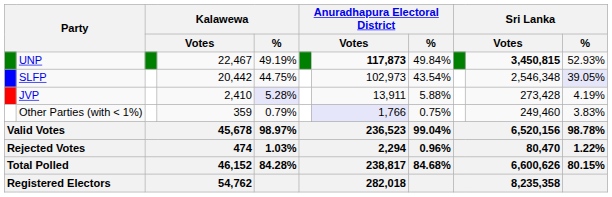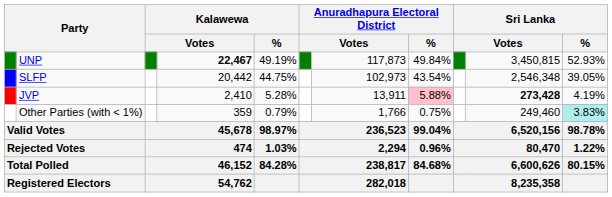 <table class="wikitable">
 <tr>
 <th colspan="2" width="144px"rowspan="2">Party</th>
 <th colspan="3" width="216px">Kalawewa</th>
 <th colspan="3" width="216px"><a href='#'>Anuradhapura Electoral District</a></th>
 <th colspan="3" width="216px">Sri Lanka</th>
 </tr>
 <tr>
 <th colspan="2" width="144px">Votes</th>
 <th>%</th>
 <th colspan="2" width="144px">Votes</th>
 <th>%</th>
 <th colspan="2" width="144px">Votes</th>
 <th>%</th>
 </tr>
 <tr>
 <td style="background-color:green;" width="10px"></td>
 <td style="text-align:left;"><a href='#'>UNP</a></td>
 <td style="background-color:green;" width="10px"></td>
-<td style="text-align:right;">22,467</td>
+<td style="text-align:right;"><strong>22,467</strong></td>
 <td style="text-align:right;">49.19%</td>
 <td style="background-color:green;" width="10px"></td>
-<td style="text-align:right;"><strong>117,873</strong></td>
+<td style="text-align:right;">117,873</td>
 <td style="text-align:right;">49.84%</td>
 <td style="background-color:green;" width="10px"></td>
-<td style="text-align:right;"><strong>3,450,815</strong></td>
+<td style="text-align:right;">3,450,815</td>
 <td style="text-align:right;">52.93%</td>
 </tr>
 <tr>
 <td style="background-color:blue;" width="10px"></td>
 <td style="text-align:left;"><a href='#'>SLFP</a></td>
 <td style="background-color:white;" width="10px"></td>
 <td style="text-align:right;">20,442</td>
 <td style="text-align:right;">44.75%</td>
 <td style="background-color:white;" width="10px"></td>
 <td style="text-align:right;">102,973</td>
 <td style="text-align:right;">43.54%</td>
 <td style="background-color:white;" width="10px"></td>
 <td style="text-align:right;">2,546,348</td>
-<td style="background: lavender; text-align:right;">39.05%</td>
+<td style="text-align:right;">39.05%</td>
 </tr>
 <tr>
 <td style="background-color:red;" width="10px"></td>
 <td style="text-align:left;"><a href='#'>JVP</a></td>
 <td style="background-color:white;" width="10px"></td>
 <td style="text-align:right;">2,410</td>
-<td style="background: lavender; text-align:right;">5.28%</td>
+<td style="text-align:right;">5.28%</td>
 <td style="background-color:white;" width="10px"></td>
 <td style="text-align:right;">13,911</td>
-<td style="text-align:right;">5.88%</td>
+<td style="background: pink; text-align:right;">5.88%</td>
 <td style="background-color:white;" width="10px"></td>
-<td style="text-align:right;">273,428</td>
+<td style="text-align:right;"><strong>273,428</strong></td>
 <td style="text-align:right;">4.19%</td>
 </tr>
 <tr>
 <td style="background-color:white;" width="10px"></td>
 <td style="text-align:left;">Other Parties (with < 1%)</td>
 <td style="background-color:white;" width="10px"></td>
 <td style="text-align:right;">359</td>
 <td style="text-align:right;">0.79%</td>
 <td style="background-color:white;" width="10px"></td>
-<td style="background: lavender; text-align:right;">1,766</td>
+<td style="text-align:right;">1,766</td>
 <td style="text-align:right;">0.75%</td>
 <td style="background-color:white;" width="10px"></td>
 <td style="text-align:right;">249,460</td>
-<td style="text-align:right;">3.83%</td>
+<td style="background: paleturquoise; text-align:right;">3.83%</td>
 </tr>
 <tr>
 <th colspan="2" width="144px"style="text-align:left;">Valid Votes</th>
 <th style="text-align:right;"colspan="2" width="144px">45,678</th>
 <th style="text-align:right;">98.97%</th>
 <th style="text-align:right;"colspan="2" width="144px">236,523</th>
 <th style="text-align:right;">99.04%</th>
 <th style="text-align:right;"colspan="2" width="144px">6,520,156</th>
 <th style="text-align:right;">98.78%</th>
 </tr>
 <tr>
 <th colspan="2" width="144px"style="text-align:left;">Rejected Votes</th>
 <th style="text-align:right;"colspan="2" width="144px">474</th>
 <th style="text-align:right;">1.03%</th>
 <th style="text-align:right;"colspan="2" width="144px">2,294</th>
 <th style="text-align:right;">0.96%</th>
 <th style="text-align:right;"colspan="2" width="144px">80,470</th>
 <th style="text-align:right;">1.22%</th>
 </tr>
 <tr>
 <th colspan="2" width="144px"style="text-align:left;">Total Polled</th>
 <th style="text-align:right;"colspan="2" width="144px">46,152</th>
 <th style="text-align:right;">84.28%</th>
 <th style="text-align:right;"colspan="2" width="144px">238,817</th>
 <th style="text-align:right;">84.68%</th>
 <th style="text-align:right;"colspan="2" width="144px">6,600,626</th>
 <th style="text-align:right;">80.15%</th>
 </tr>
 <tr>
 <th colspan="2" width="144px"style="text-align:left;">Registered Electors</th>
 <th style="text-align:right;"colspan="2" width="144px">54,762</th>
 <th></th>
 <th style="text-align:right;"colspan="2" width="144px">282,018</th>
 <th></th>
 <th style="text-align:right;"colspan="2" width="144px">8,235,358</th>
 <th></th>
 </tr>
 </table>
